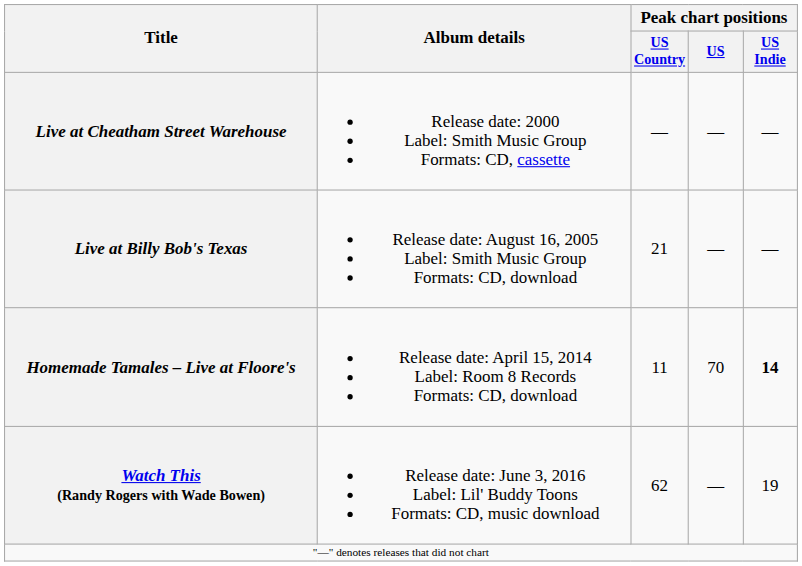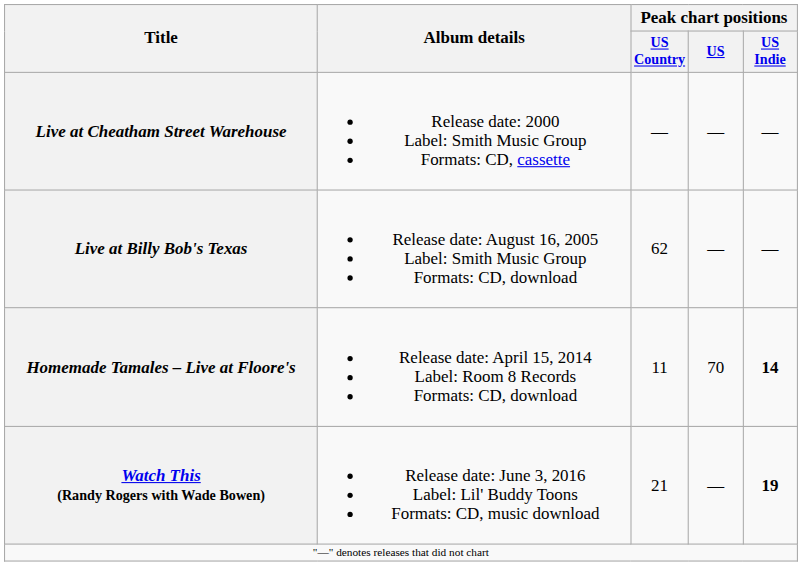 <table class="wikitable plainrowheaders" style="text-align:center;">
 <tr>
 <th rowspan="2" style="width:18em;">Title</th>
 <th rowspan="2" style="width:18em;">Album details</th>
 <th colspan="3">Peak chart positions</th>
 </tr>
 <tr style="font-size:smaller;">
 <th width="45"><a href='#'>US Country</a><br></th>
 <th width="45"><a href='#'>US</a><br></th>
 <th width="45"><a href='#'>US Indie</a><br></th>
 </tr>
 <tr>
 <th scope="row"><em>Live at Cheatham Street Warehouse</em></th>
 <td><br><ul><li>Release date: 2000</li><li>Label: Smith Music Group</li><li>Formats: CD, <a href='#'>cassette</a></li></ul></td>
 <td>—</td>
 <td>—</td>
 <td>—</td>
 </tr>
 <tr>
 <th scope="row"><em>Live at Billy Bob's Texas</em></th>
 <td><br><ul><li>Release date: August 16, 2005</li><li>Label: Smith Music Group</li><li>Formats: CD, download</li></ul></td>
-<td>21</td>
+<td>62</td>
 <td>—</td>
 <td>—</td>
 </tr>
 <tr>
 <th scope="row"><em>Homemade Tamales – Live at Floore's</em></th>
 <td><br><ul><li>Release date: April 15, 2014</li><li>Label: Room 8 Records</li><li>Formats: CD, download</li></ul></td>
 <td>11</td>
 <td>70</td>
 <td><strong>14</strong></td>
 </tr>
 <tr>
 <th scope="row"><em><a href='#'>Watch This</a></em><br><small>(Randy Rogers with Wade Bowen)</small></th>
 <td><br><ul><li>Release date: June 3, 2016</li><li>Label: Lil' Buddy Toons</li><li>Formats: CD, music download</li></ul></td>
-<td>62</td>
+<td>21</td>
 <td>—</td>
-<td>19</td>
+<td><strong>19</strong></td>
 </tr>
 <tr>
 <td colspan="10" style="font-size:8pt">"—" denotes releases that did not chart</td>
 </tr>
 </table>
